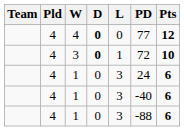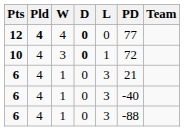 <table class="wikitable" style="text-align:center;">
 <tr>
-<th>Team</th>
+<th width="20" abbr="Points">Pts</th>
 <th width="20" abbr="Played">Pld</th>
 <th width="20" abbr="Won">W</th>
 <th width="20" abbr="Drawn">D</th>
 <th width="20" abbr="Lost">L</th>
 <th width="25" abbr="Points difference">PD</th>
-<th width="20" abbr="Points">Pts</th>
+<th>Team</th>
 </tr>
 <tr>
-<td align="left"></td>
-<td>4</td>
+<td><strong>12</strong></td>
+<td><strong>4</strong></td>
 <td>4</td>
 <td><strong>0</strong></td>
 <td>0</td>
 <td>77</td>
-<td><strong>12</strong></td>
+<td align="left"></td>
 </tr>
 <tr>
-<td align="left"></td>
+<td><strong>10</strong></td>
 <td>4</td>
 <td>3</td>
 <td><strong>0</strong></td>
 <td>1</td>
 <td>72</td>
-<td><strong>10</strong></td>
+<td align="left"></td>
 </tr>
 <tr>
-<td align="left"></td>
+<td><strong>6</strong></td>
 <td>4</td>
 <td>1</td>
 <td>0</td>
 <td>3</td>
-<td>24</td>
-<td><strong>6</strong></td>
+<td>21</td>
+<td align="left"></td>
 </tr>
 <tr>
-<td align="left"></td>
+<td><strong>6</strong></td>
 <td>4</td>
 <td>1</td>
 <td>0</td>
 <td>3</td>
 <td>-40</td>
-<td><strong>6</strong></td>
+<td align="left"></td>
 </tr>
 <tr>
-<td align="left"></td>
+<td><strong>6</strong></td>
 <td>4</td>
 <td>1</td>
 <td>0</td>
 <td>3</td>
 <td>-88</td>
-<td><strong>6</strong></td>
+<td align="left"></td>
 </tr>
 </table>
